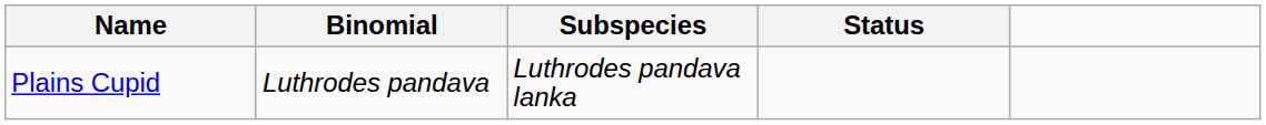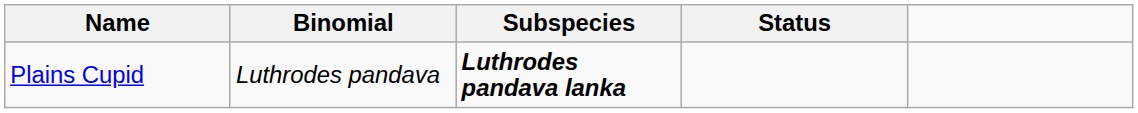 <table width=60% class="wikitable">
 <tr>
 <th width=20%>Name</th>
 <th width=20%>Binomial</th>
 <th width=20%>Subspecies</th>
 <th width=20%>Status</th>
 </tr>
 <tr>
 <td><a href='#'>Plains Cupid</a><br>  </td>
 <td><em>Luthrodes pandava</em></td>
-<td><em>Luthrodes pandava lanka</em></td>
+<td><strong><em>Luthrodes pandava lanka</em></strong></td>
 <td></td>
 <td></td>
 </tr>
 </table>
